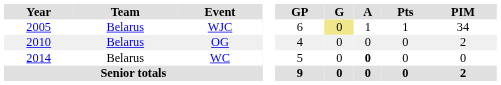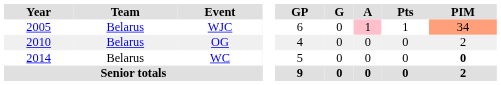 <table border="0" cellpadding="1" cellspacing="0" style="text-align:center; width:40em">
 <tr ALIGN="center" bgcolor="#e0e0e0">
 <th>Year</th>
 <th>Team</th>
 <th>Event</th>
 <th ALIGN="center" rowspan="99" bgcolor="#ffffff"> </th>
 <th>GP</th>
 <th>G</th>
 <th>A</th>
 <th>Pts</th>
 <th>PIM</th>
 </tr>
 <tr>
 <td><a href='#'>2005</a></td>
 <td><a href='#'>Belarus</a></td>
 <td><a href='#'>WJC</a></td>
 <td>6</td>
-<td style="background: khaki;">0</td>
+<td>0</td>
+<td style="background: pink;">1</td>
 <td>1</td>
-<td>1</td>
-<td>34</td>
+<td style="background: lightsalmon;">34</td>
 </tr>
 <tr bgcolor="#f0f0f0">
 <td><a href='#'>2010</a></td>
 <td><a href='#'>Belarus</a></td>
 <td><a href='#'>OG</a></td>
 <td>4</td>
 <td>0</td>
 <td>0</td>
 <td>0</td>
 <td>2</td>
 </tr>
 <tr>
 <td><a href='#'>2014</a></td>
 <td>Belarus</td>
 <td><a href='#'>WC</a></td>
 <td>5</td>
 <td>0</td>
-<td><strong>0</strong></td>
 <td>0</td>
 <td>0</td>
+<td><strong>0</strong></td>
 </tr>
 <tr bgcolor="#e0e0e0">
 <th colspan="3">Senior totals</th>
 <th>9</th>
 <th>0</th>
 <th>0</th>
 <th>0</th>
 <th>2</th>
 </tr>
 </table>
